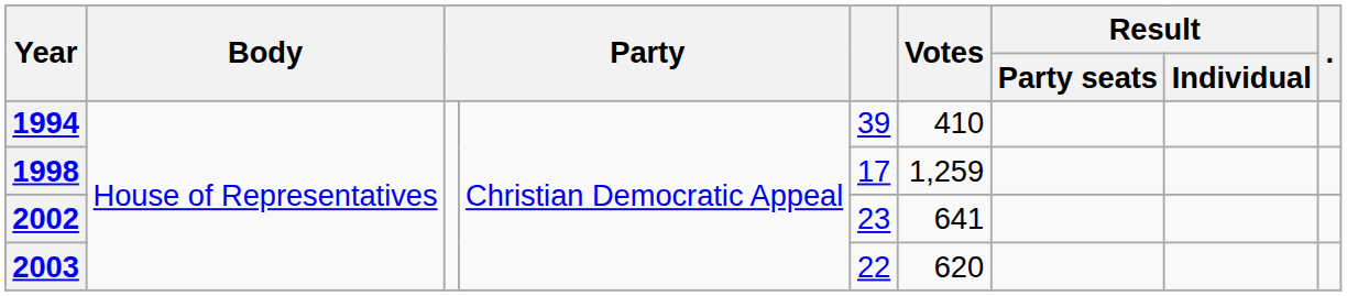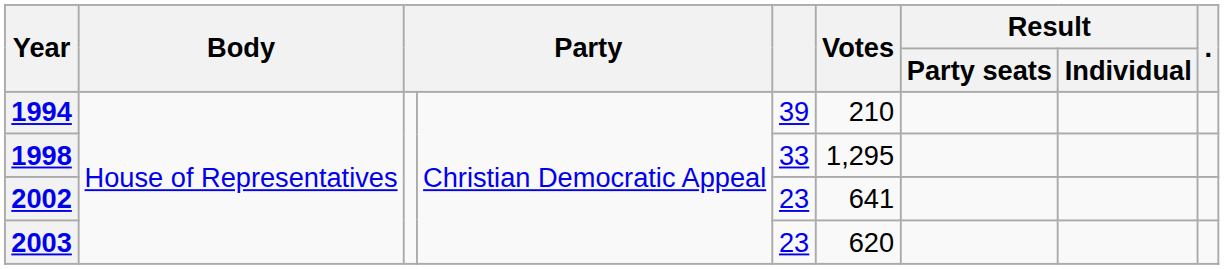 <table class="wikitable plainrowheaders sortable" border=2 cellpadding=4 cellspacing=0 style="border: 1px #aaa solid; font-size: 90%; text-align:center;">
 <tr>
 <th scope="col" rowspan=2>Year</th>
 <th scope="col" rowspan=2>Body</th>
 <th scope="col" colspan=2 rowspan=2>Party</th>
 <th scope="col" rowspan=2></th>
 <th scope="col" rowspan=2>Votes</th>
 <th scope="colgroup" colspan=2>Result</th>
 <th scope="col" rowspan=2 class="unsortable">.</th>
 </tr>
 <tr>
 <th scope="col">Party seats</th>
 <th scope="col">Individual</th>
 </tr>
 <tr>
 <th scope="row"><a href='#'>1994</a></th>
 <td rowspan=4><a href='#'>House of Representatives</a></td>
 <td rowspan=4 style="background-color:"></td>
 <td rowspan=4><a href='#'>Christian Democratic Appeal</a></td>
 <td style=text-align:right><a href='#'>39</a></td>
-<td style=text-align:right>410</td>
+<td style=text-align:right>210</td>
 <td style=text-align:right></td>
 <td></td>
 <td></td>
 </tr>
 <tr>
 <th scope="row"><a href='#'>1998</a></th>
-<td style=text-align:right><a href='#'>17</a></td>
-<td style=text-align:right>1,259</td>
+<td style=text-align:right><a href='#'>33</a></td>
+<td style=text-align:right>1,295</td>
 <td style=text-align:right></td>
 <td></td>
 <td></td>
 </tr>
 <tr>
 <th scope="row"><a href='#'>2002</a></th>
 <td style=text-align:right><a href='#'>23</a></td>
 <td style=text-align:right>641</td>
 <td style=text-align:right></td>
 <td></td>
 <td></td>
 </tr>
 <tr>
 <th scope="row"><a href='#'>2003</a></th>
-<td style=text-align:right><a href='#'>22</a></td>
+<td style=text-align:right><a href='#'>23</a></td>
 <td style=text-align:right>620</td>
 <td style=text-align:right></td>
 <td></td>
 <td></td>
 </tr>
 </table>
